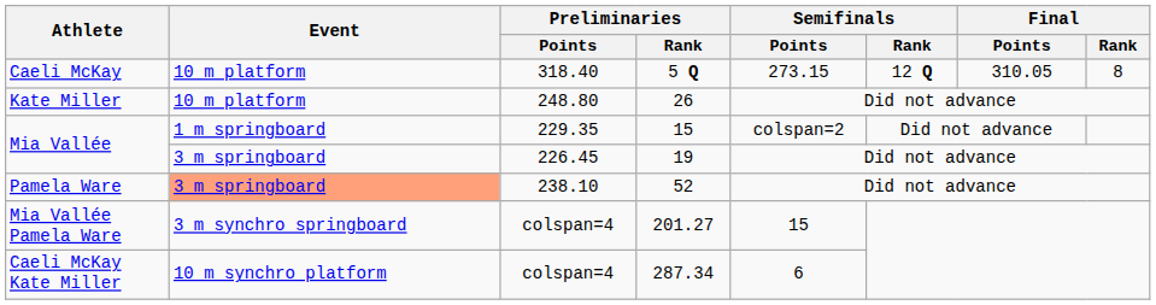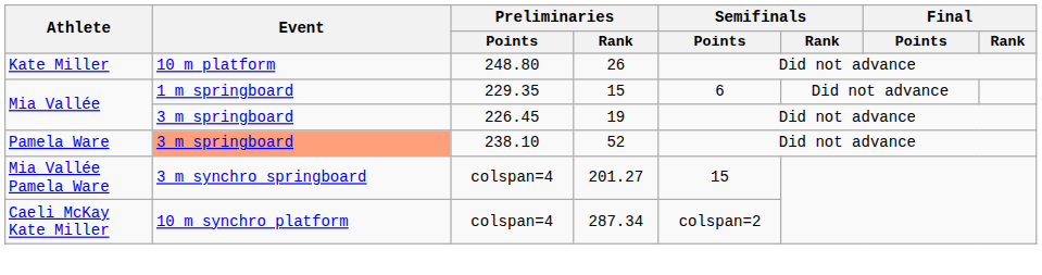 <table class="wikitable" style="text-align:center; font-size:90%; width:50%;">
 <tr>
 <th rowspan=2>Athlete</th>
 <th rowspan=2>Event</th>
 <th colspan=2>Preliminaries</th>
 <th colspan=2>Semifinals</th>
 <th colspan=2>Final</th>
 </tr>
 <tr style="font-size:95%">
 <th>Points</th>
 <th>Rank</th>
 <th>Points</th>
 <th>Rank</th>
 <th>Points</th>
 <th>Rank</th>
 </tr>
 <tr>
-<td align=left><a href='#'>Caeli McKay</a></td>
-<td align=left><a href='#'>10 m platform</a></td>
-<td>318.40</td>
-<td>5 <strong>Q</strong></td>
-<td>273.15</td>
-<td>12 <strong>Q</strong></td>
-<td>310.05</td>
-<td>8</td>
-</tr>
-<tr>
 <td align=left><a href='#'>Kate Miller</a></td>
 <td align=left><a href='#'>10 m platform</a></td>
 <td>248.80</td>
 <td>26</td>
 <td colspan=4>Did not advance</td>
 </tr>
 <tr>
 <td align=left rowspan=2><a href='#'>Mia Vallée</a></td>
 <td align=left><a href='#'>1 m springboard</a></td>
 <td>229.35</td>
 <td>15</td>
-<td>colspan=2 </td>
+<td>6</td>
 <td colspan=2>Did not advance</td>
 </tr>
 <tr>
 <td align=left><a href='#'>3 m springboard</a></td>
 <td>226.45</td>
 <td>19</td>
 <td colspan=4>Did not advance</td>
 </tr>
 <tr>
 <td align=left><a href='#'>Pamela Ware</a></td>
 <td align=left style="background: lightsalmon;"><a href='#'>3 m springboard</a></td>
 <td>238.10</td>
 <td>52</td>
 <td colspan=4>Did not advance</td>
 </tr>
 <tr>
 <td align=left><a href='#'>Mia Vallée</a><br><a href='#'>Pamela Ware</a></td>
 <td align=left><a href='#'>3 m synchro springboard</a></td>
 <td>colspan=4 </td>
 <td>201.27</td>
 <td>15</td>
 </tr>
 <tr>
 <td align=left><a href='#'>Caeli McKay</a><br><a href='#'>Kate Miller</a></td>
 <td align=left><a href='#'>10 m synchro platform</a></td>
 <td>colspan=4 </td>
 <td>287.34</td>
-<td>6</td>
+<td>colspan=2 </td>
 </tr>
 </table>
